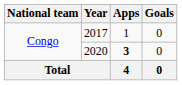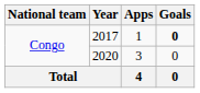 <table class="wikitable" style="text-align:center">
 <tr>
 <th>National team</th>
 <th>Year</th>
 <th>Apps</th>
 <th>Goals</th>
 </tr>
 <tr>
 <td rowspan="2"><a href='#'>Congo</a></td>
 <td>2017</td>
 <td>1</td>
-<td>0</td>
+<td><strong>0</strong></td>
 </tr>
 <tr>
 <td>2020</td>
-<td><strong>3</strong></td>
+<td>3</td>
 <td>0</td>
 </tr>
 <tr>
 <th colspan=2>Total</th>
 <th>4</th>
 <th>0</th>
 </tr>
 </table>
